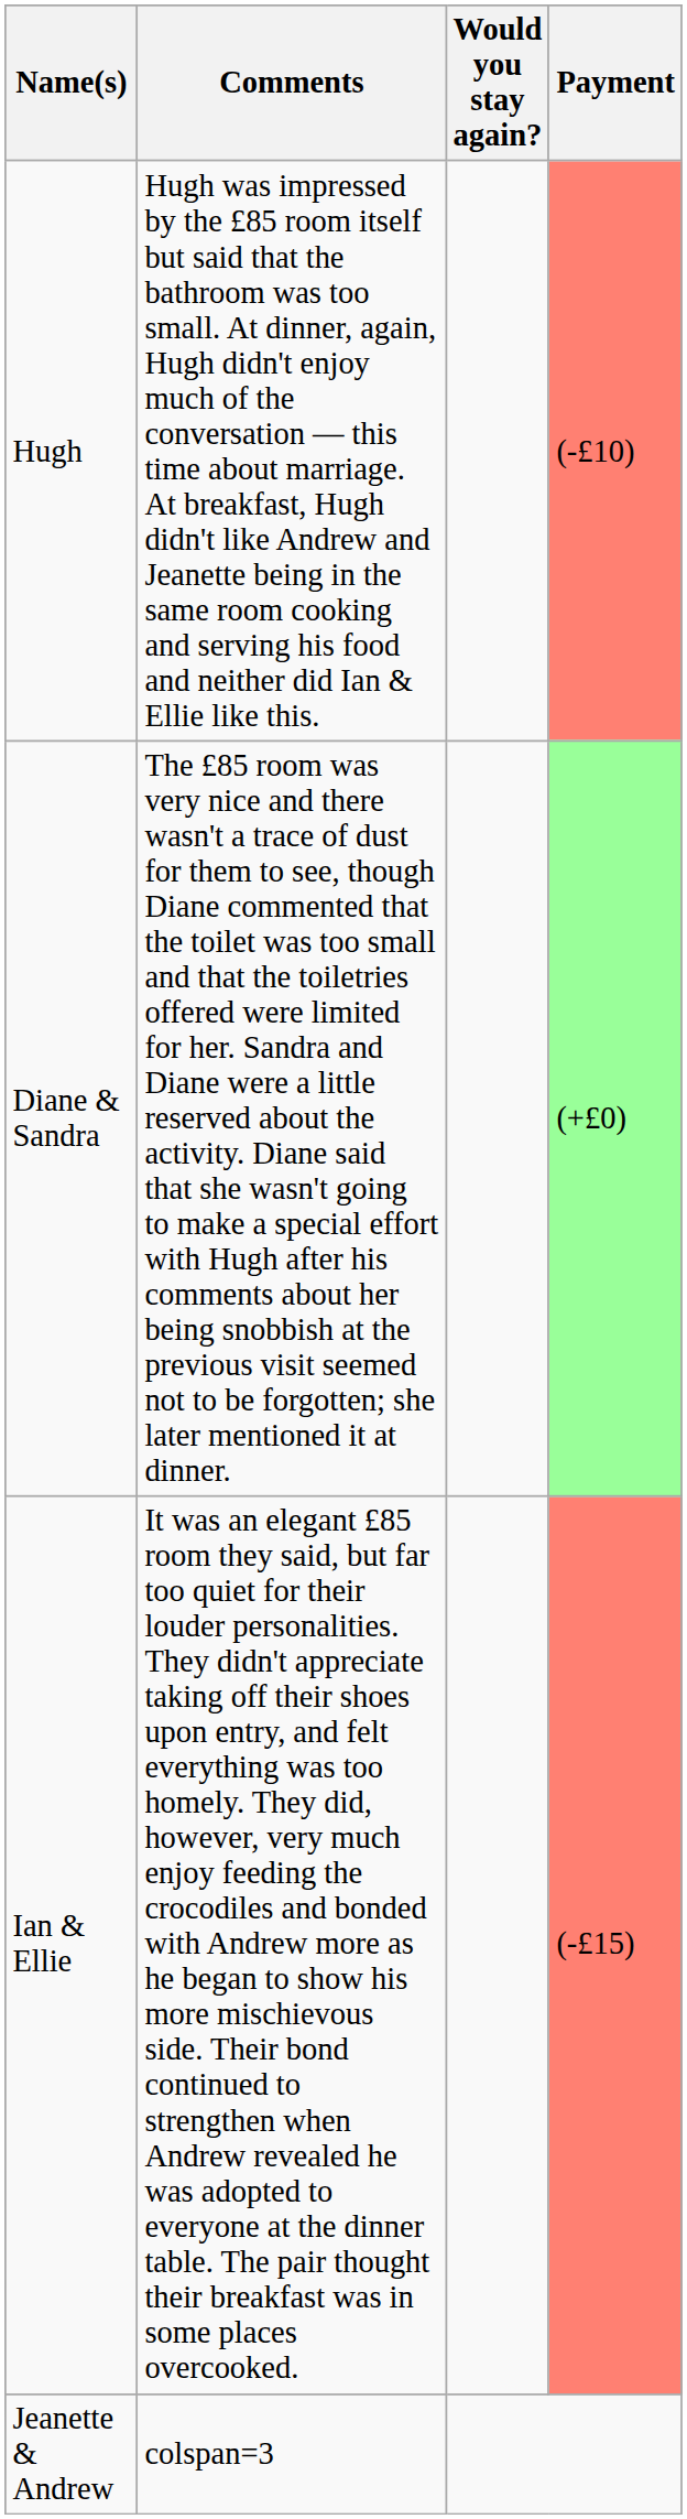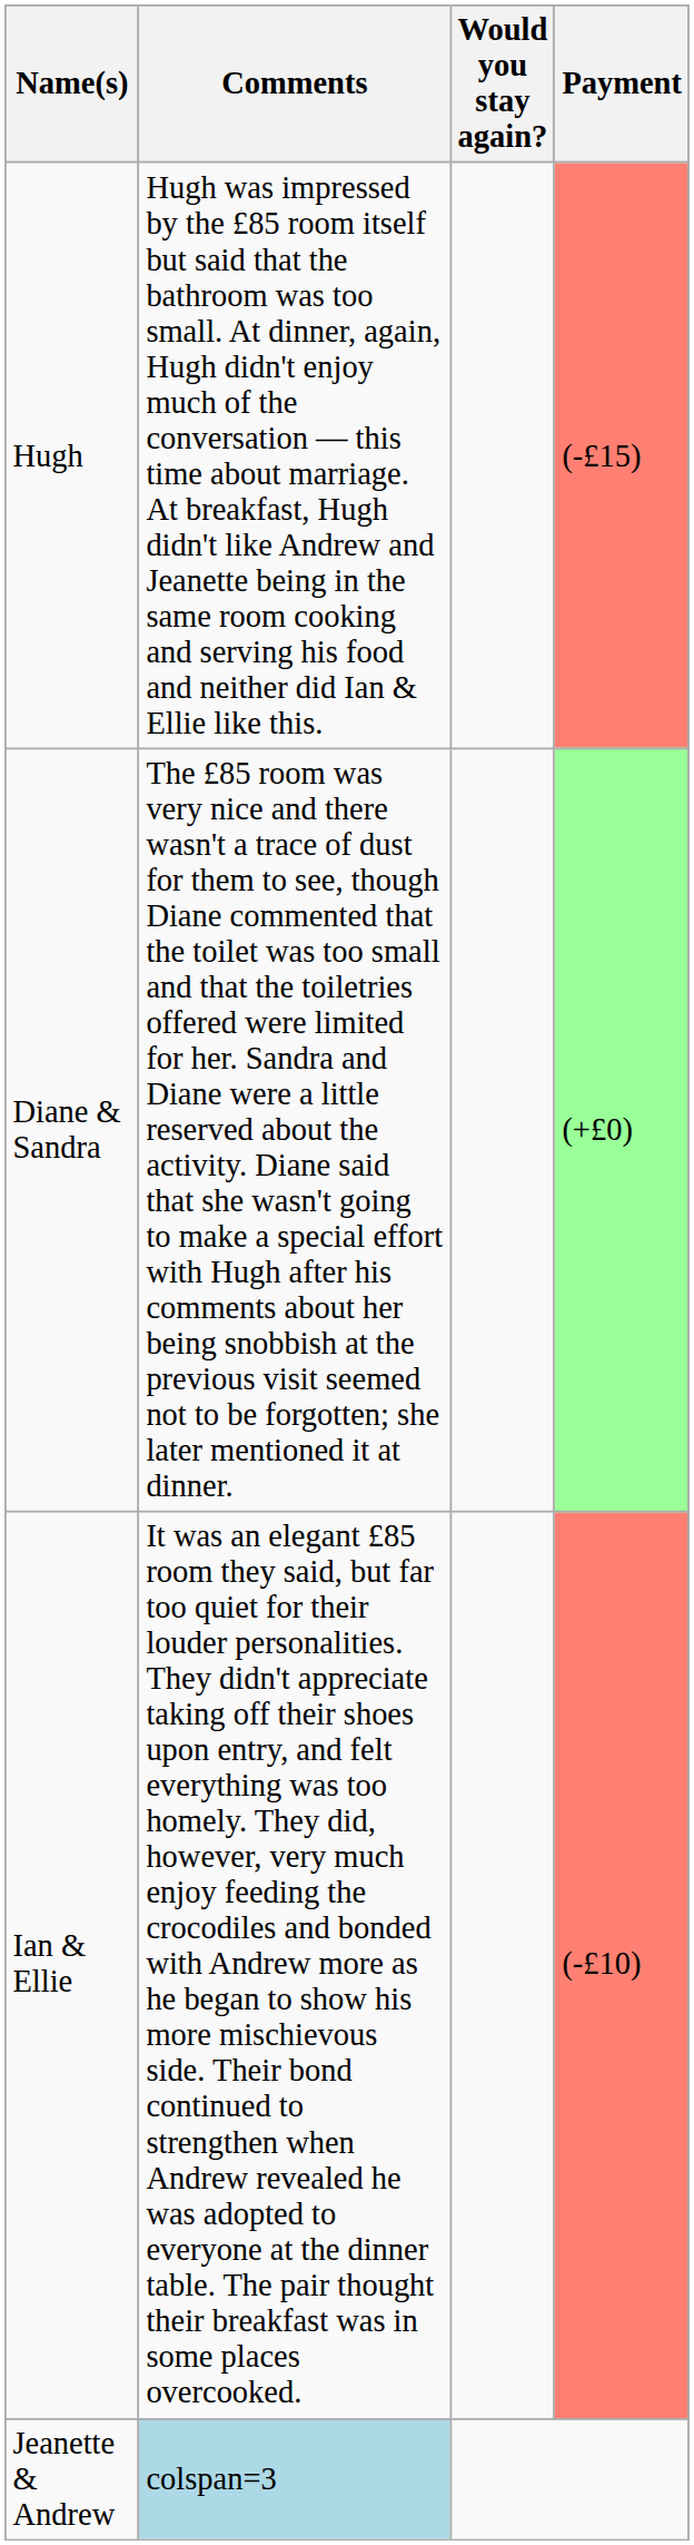 <table class="wikitable">
 <tr>
 <th style="width:60px;">Name(s)</th>
 <th style="width:150px;">Comments</th>
 <th style="width:40px;">Would you stay again?</th>
 <th style="width:40px;">Payment</th>
 </tr>
 <tr>
 <td>Hugh</td>
 <td>Hugh was impressed by the £85 room itself but said that the bathroom was too small. At dinner, again, Hugh didn't enjoy much of the conversation — this time about marriage. At breakfast, Hugh didn't like Andrew and Jeanette being in the same room cooking and serving his food and neither did Ian & Ellie like this.</td>
 <td align="center"></td>
-<td style="background:#FF8072">(-£10)</td>
+<td style="background:#FF8072">(-£15)</td>
 </tr>
 <tr>
 <td>Diane & Sandra</td>
 <td>The £85 room was very nice and there wasn't a trace of dust for them to see, though Diane commented that the toilet was too small and that the toiletries offered were limited for her. Sandra and Diane were a little reserved about the activity. Diane said that she wasn't going to make a special effort with Hugh after his comments about her being snobbish at the previous visit seemed not to be forgotten; she later mentioned it at dinner.</td>
 <td align="center"></td>
 <td style="background:#99FF99">(+£0)</td>
 </tr>
 <tr>
 <td>Ian & Ellie</td>
 <td>It was an elegant £85 room they said, but far too quiet for their louder personalities. They didn't appreciate taking off their shoes upon entry, and felt everything was too homely. They did, however, very much enjoy feeding the crocodiles and bonded with Andrew more as he began to show his more mischievous side. Their bond continued to strengthen when Andrew revealed he was adopted to everyone at the dinner table. The pair thought their breakfast was in some places overcooked.</td>
 <td align="center"></td>
-<td style="background:#FF8072">(-£15)</td>
+<td style="background:#FF8072">(-£10)</td>
 </tr>
 <tr>
 <td>Jeanette & Andrew</td>
-<td>colspan=3 </td>
+<td style="background: lightblue;">colspan=3 </td>
 </tr>
 </table>
